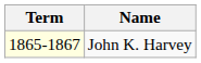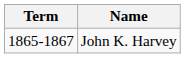 <table class="wikitable">
 <tr>
 <th>Term</th>
 <th>Name</th>
 </tr>
 <tr>
-<td style="background: lightyellow;">1865-1867</td>
+<td>1865-1867</td>
 <td>John K. Harvey</td>
 </tr>
 </table>
